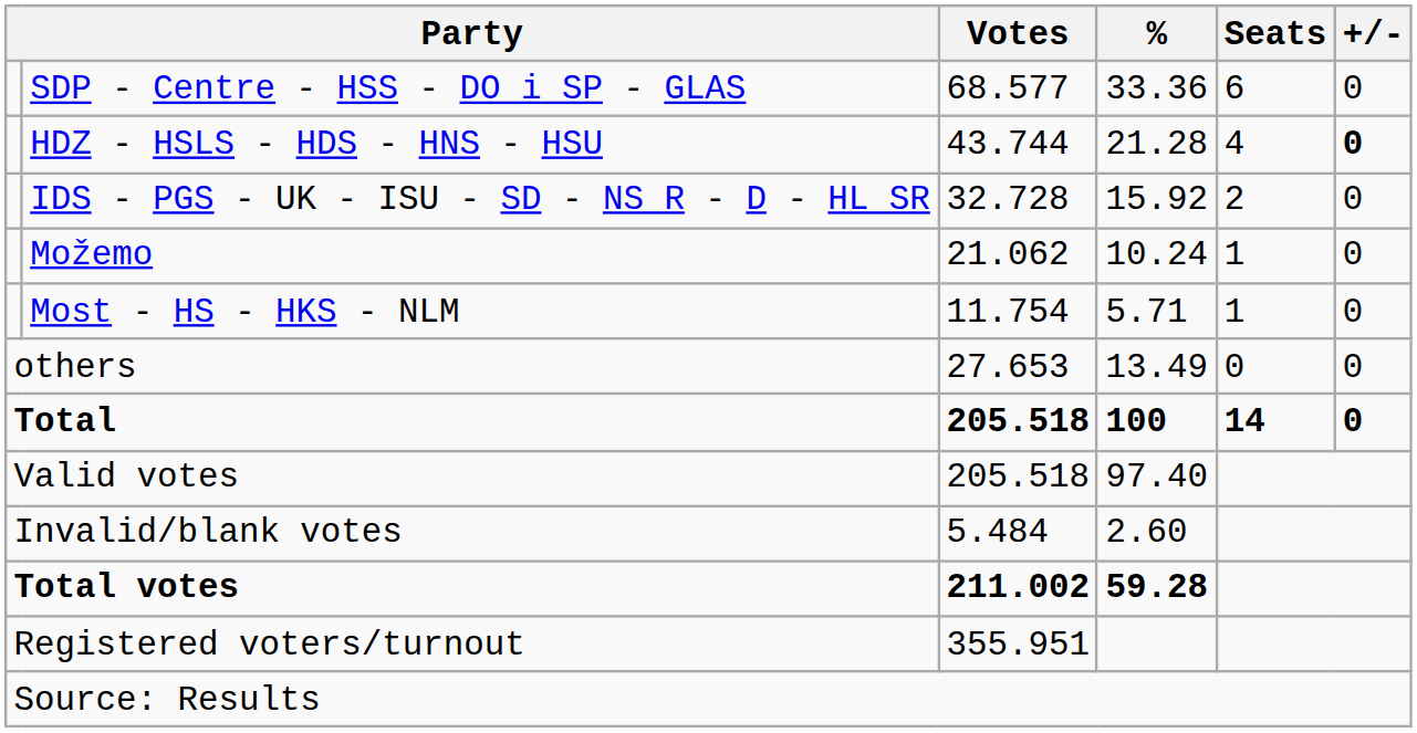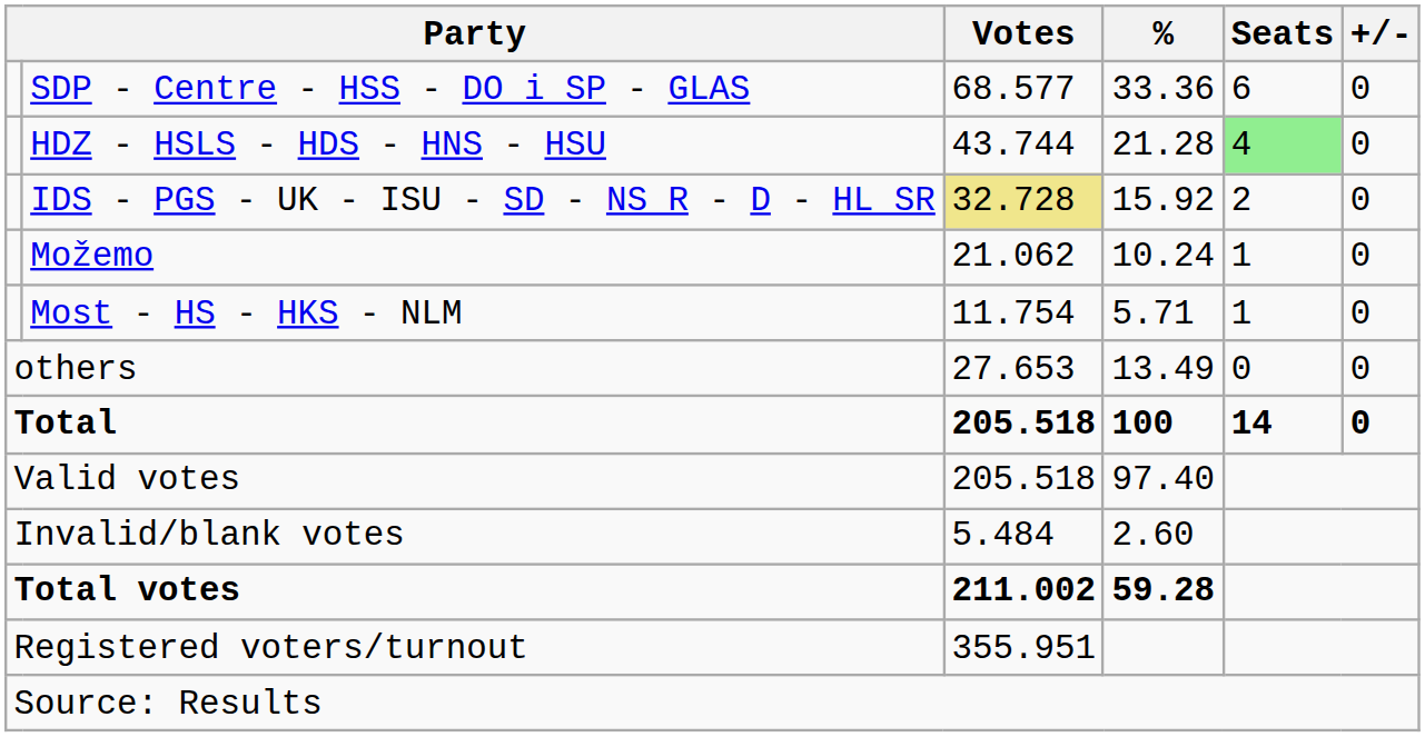 <table class="wikitable" style="text-align: left;">
 <tr>
 <th colspan="2">Party</th>
 <th>Votes</th>
 <th>%</th>
 <th>Seats</th>
 <th>+/-</th>
 </tr>
 <tr>
 <td style="background-color: "></td>
 <td><a href='#'>SDP</a> - <a href='#'>Centre</a> - <a href='#'>HSS</a> - <a href='#'>DO i SP</a> - <a href='#'>GLAS</a></td>
 <td>68.577</td>
 <td>33.36</td>
 <td>6</td>
 <td>0</td>
 </tr>
 <tr>
 <td style="background-color: "></td>
 <td><a href='#'>HDZ</a> - <a href='#'>HSLS</a> - <a href='#'>HDS</a> - <a href='#'>HNS</a> - <a href='#'>HSU</a></td>
 <td>43.744</td>
 <td>21.28</td>
-<td>4</td>
-<td><strong>0</strong></td>
+<td style="background: lightgreen;">4</td>
+<td>0</td>
 </tr>
 <tr>
 <td style="background-color: "></td>
 <td><a href='#'>IDS</a> - <a href='#'>PGS</a> - UK - ISU - <a href='#'>SD</a> - <a href='#'>NS R</a> - <a href='#'>D</a> - <a href='#'>HL SR</a></td>
-<td>32.728</td>
+<td style="background: khaki;">32.728</td>
 <td>15.92</td>
 <td>2</td>
 <td>0</td>
 </tr>
 <tr>
 <td style="background-color: "></td>
 <td><a href='#'>Možemo</a></td>
 <td>21.062</td>
 <td>10.24</td>
 <td>1</td>
 <td>0</td>
 </tr>
 <tr>
 <td style="background-color: "></td>
 <td><a href='#'>Most</a> - <a href='#'>HS</a> - <a href='#'>HKS</a> - NLM</td>
 <td>11.754</td>
 <td>5.71</td>
 <td>1</td>
 <td>0</td>
 </tr>
 <tr>
 <td colspan="2">others</td>
 <td>27.653</td>
 <td>13.49</td>
 <td>0</td>
 <td>0</td>
 </tr>
 <tr>
 <td colspan="2"><strong>Total</strong></td>
 <td><strong>205.518</strong></td>
 <td><strong>100</strong></td>
 <td><strong>14</strong></td>
 <td><strong>0</strong></td>
 </tr>
 <tr>
 <td colspan="2">Valid votes</td>
 <td>205.518</td>
 <td>97.40</td>
 <td colspan="2"></td>
 </tr>
 <tr>
 <td colspan="2">Invalid/blank votes</td>
 <td>5.484</td>
 <td>2.60</td>
 <td colspan="2"></td>
 </tr>
 <tr>
 <td colspan="2"><strong>Total votes</strong></td>
 <td><strong>211.002</strong></td>
 <td><strong>59.28</strong></td>
 <td colspan="2"></td>
 </tr>
 <tr>
 <td colspan="2">Registered voters/turnout</td>
 <td votes14="5343">355.951</td>
 <td></td>
 <td colspan="2"></td>
 </tr>
 <tr>
 <td colspan="6">Source: Results</td>
 </tr>
 </table>
